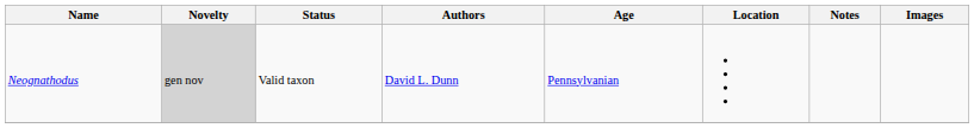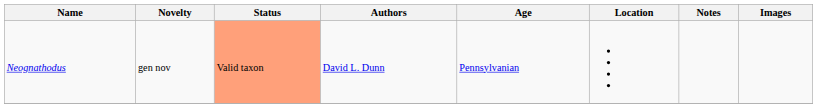 <table class="wikitable sortable" align="center" width="100%">
 <tr>
 <th>Name</th>
 <th>Novelty</th>
 <th>Status</th>
 <th>Authors</th>
 <th>Age</th>
 <th>Location</th>
 <th>Notes</th>
 <th>Images</th>
 </tr>
 <tr>
 <td><br><em><a href='#'>Neognathodus</a></em></td>
-<td style="background: lightgrey;"><br>gen nov</td>
-<td><br>Valid taxon</td>
+<td><br>gen nov</td>
+<td style="background: lightsalmon;"><br>Valid taxon</td>
 <td><br><a href='#'>David L. Dunn</a></td>
 <td><br><a href='#'>Pennsylvanian</a></td>
 <td><br><ul><li></li><li></li><li></li><li></li></ul></td>
 <td></td>
 <td></td>
 </tr>
 <tr>
 </tr>
 </table>
